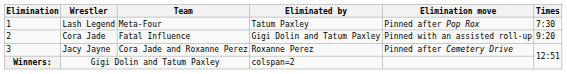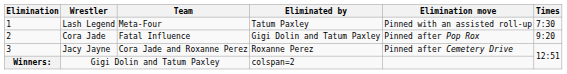 <table class="wikitable" border="1">
 <tr>
 <th>Elimination</th>
 <th>Wrestler</th>
 <th>Team</th>
 <th>Eliminated by</th>
 <th>Elimination move</th>
 <th>Times</th>
 </tr>
 <tr>
 <td>1</td>
 <td>Lash Legend</td>
 <td>Meta-Four</td>
 <td>Tatum Paxley</td>
-<td>Pinned after <em>Pop Rox</em></td>
+<td>Pinned with an assisted roll-up</td>
 <td>7:30</td>
 </tr>
 <tr>
 <td>2</td>
 <td>Cora Jade</td>
 <td>Fatal Influence</td>
 <td>Gigi Dolin and Tatum Paxley</td>
-<td>Pinned with an assisted roll-up</td>
+<td>Pinned after <em>Pop Rox</em></td>
 <td>9:20</td>
 </tr>
 <tr>
 <td>3</td>
 <td>Jacy Jayne</td>
 <td>Cora Jade and Roxanne Perez</td>
 <td>Roxanne Perez</td>
 <td>Pinned after <em>Cemetery Drive</em></td>
 <td rowspan=2>12:51</td>
 </tr>
 <tr>
 <th>Winners:</th>
 <td colspan=2 align=center>Gigi Dolin and Tatum Paxley</td>
 <td>colspan=2 </td>
 </tr>
 </table>
